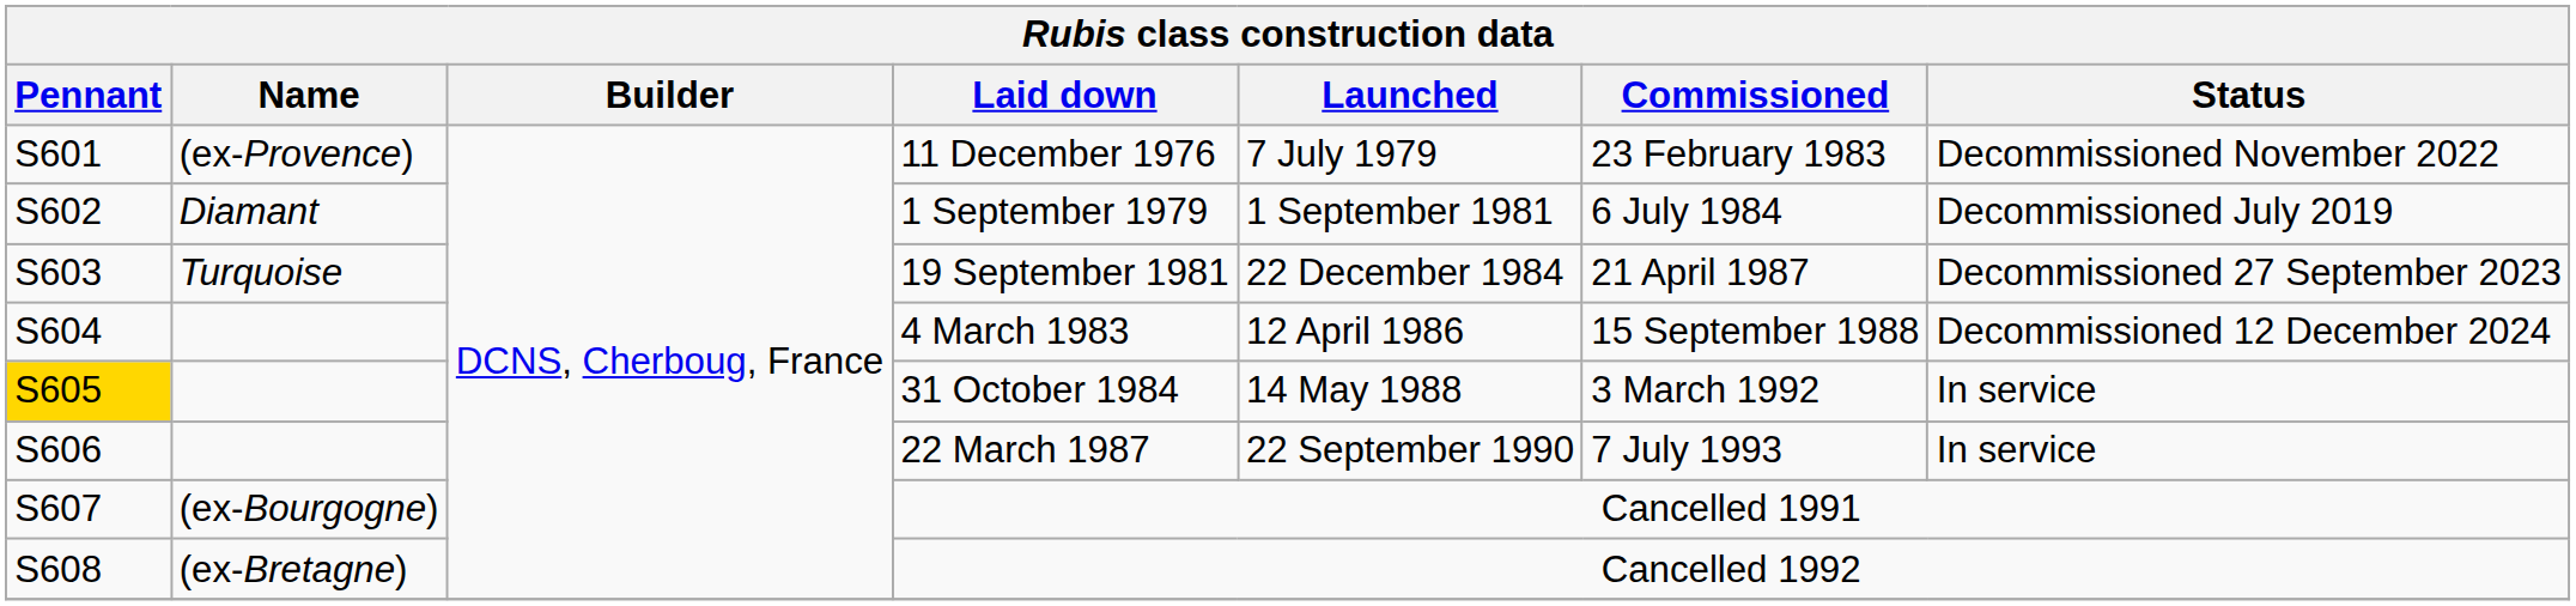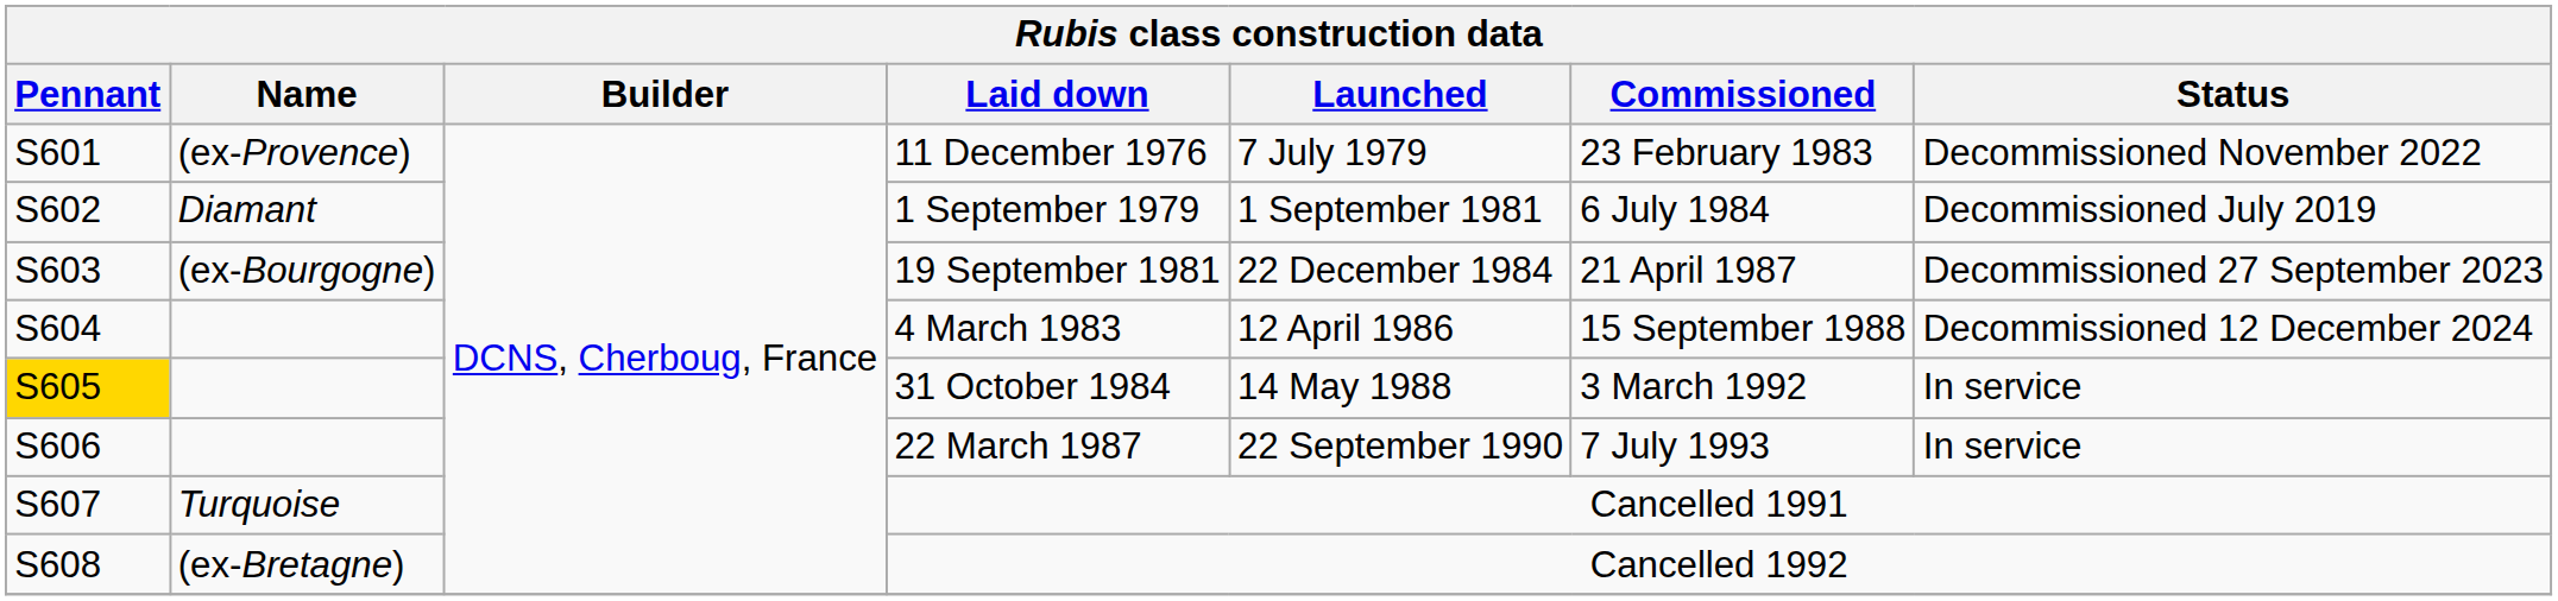 <table class=wikitable>
 <tr>
 <th colspan="7"><em>Rubis</em> class construction data</th>
 </tr>
 <tr>
 <th scope="col"><a href='#'>Pennant</a></th>
 <th scope="col">Name</th>
 <th scope="col">Builder</th>
 <th scope="col"><a href='#'>Laid down</a></th>
 <th scope="col"><a href='#'>Launched</a></th>
 <th scope="col"><a href='#'>Commissioned</a></th>
 <th scope="col">Status</th>
 </tr>
 <tr>
 <td scope="row">S601</td>
 <td> (ex-<em>Provence</em>)</td>
 <td rowspan="8"><a href='#'>DCNS</a>, <a href='#'>Cherboug</a>, France</td>
 <td>11 December 1976</td>
 <td>7 July 1979</td>
 <td>23 February 1983</td>
 <td>Decommissioned November 2022</td>
 </tr>
 <tr>
 <td scope="row">S602</td>
 <td><em>Diamant</em></td>
 <td>1 September 1979</td>
 <td>1 September 1981</td>
 <td>6 July 1984</td>
 <td>Decommissioned July 2019</td>
 </tr>
 <tr>
 <td scope="row">S603</td>
-<td><em>Turquoise</em></td>
+<td> (ex-<em>Bourgogne</em>)</td>
 <td>19 September 1981</td>
 <td>22 December 1984</td>
 <td>21 April 1987</td>
 <td>Decommissioned 27 September 2023</td>
 </tr>
 <tr>
 <td scope="row">S604</td>
 <td></td>
 <td>4 March 1983</td>
 <td>12 April 1986</td>
 <td>15 September 1988</td>
 <td>Decommissioned 12 December 2024</td>
 </tr>
 <tr>
 <td scope="row" style="background: gold;">S605</td>
 <td></td>
 <td>31 October 1984</td>
 <td>14 May 1988</td>
 <td>3 March 1992</td>
 <td>In service</td>
 </tr>
 <tr>
 <td scope="row">S606</td>
 <td></td>
 <td>22 March 1987</td>
 <td>22 September 1990</td>
 <td>7 July 1993</td>
 <td>In service</td>
 </tr>
 <tr>
 <td scope="row">S607</td>
-<td> (ex-<em>Bourgogne</em>)</td>
+<td><em>Turquoise</em></td>
 <td colspan="4" align="center">Cancelled 1991</td>
 </tr>
 <tr>
 <td scope="row">S608</td>
 <td> (ex-<em>Bretagne</em>)</td>
 <td colspan="4" align="center">Cancelled 1992</td>
 </tr>
 <tr>
 </tr>
 </table>
